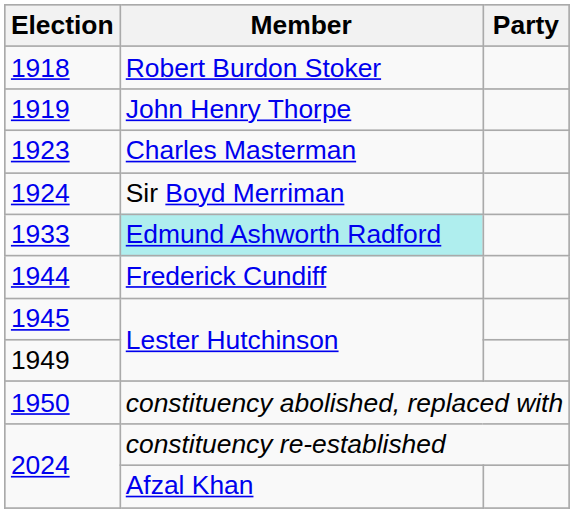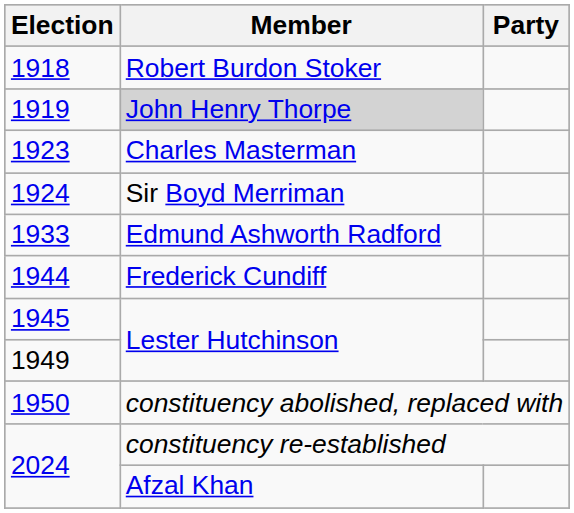 <table class="wikitable">
 <tr>
 <th>Election</th>
 <th>Member</th>
 <th colspan=2>Party</th>
 </tr>
 <tr>
 <td><a href='#'>1918</a></td>
 <td><a href='#'>Robert Burdon Stoker</a></td>
 <td></td>
 </tr>
 <tr>
 <td><a href='#'>1919</a></td>
-<td><a href='#'>John Henry Thorpe</a></td>
+<td style="background: lightgrey;"><a href='#'>John Henry Thorpe</a></td>
 <td></td>
 </tr>
 <tr>
 <td><a href='#'>1923</a></td>
 <td><a href='#'>Charles Masterman</a></td>
 <td></td>
 </tr>
 <tr>
 <td><a href='#'>1924</a></td>
 <td>Sir <a href='#'>Boyd Merriman</a></td>
 <td></td>
 </tr>
 <tr>
 <td><a href='#'>1933</a></td>
-<td style="background: paleturquoise;"><a href='#'>Edmund Ashworth Radford</a></td>
+<td><a href='#'>Edmund Ashworth Radford</a></td>
 <td></td>
 </tr>
 <tr>
 <td><a href='#'>1944</a></td>
 <td><a href='#'>Frederick Cundiff</a></td>
 <td></td>
 </tr>
 <tr>
 <td><a href='#'>1945</a></td>
 <td rowspan=2><a href='#'>Lester Hutchinson</a></td>
 <td></td>
 </tr>
 <tr>
 <td>1949</td>
 <td></td>
 </tr>
 <tr>
 <td><a href='#'>1950</a></td>
 <td colspan=3><em>constituency abolished, replaced with</em></td>
 </tr>
 <tr>
 <td rowspan=2><a href='#'>2024</a></td>
 <td colspan=3><em>constituency re-established</em></td>
 </tr>
 <tr>
 <td><a href='#'>Afzal Khan</a></td>
 <td></td>
 </tr>
 </table>
